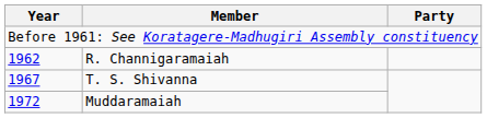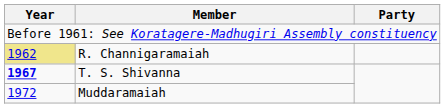 <table class="wikitable sortable">
 <tr>
 <th>Year</th>
 <th>Member</th>
 <th colspan=2>Party</th>
 </tr>
 <tr>
 <td colspan=4>Before 1961: <em>See <a href='#'>Koratagere-Madhugiri Assembly constituency</a></em></td>
 </tr>
 <tr>
-<td><a href='#'>1962</a></td>
+<td style="background: khaki;"><a href='#'>1962</a></td>
 <td>R. Channigaramaiah</td>
 <td></td>
 </tr>
 <tr>
-<td><a href='#'>1967</a></td>
+<td><strong><a href='#'>1967</a></strong></td>
 <td>T. S. Shivanna</td>
 </tr>
 <tr>
 <td><a href='#'>1972</a></td>
 <td>Muddaramaiah</td>
 </tr>
 </table>
